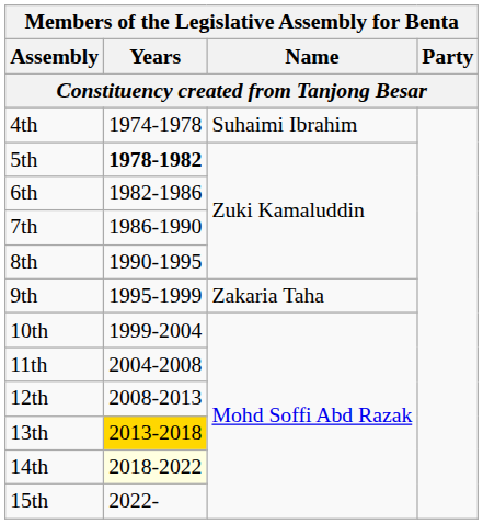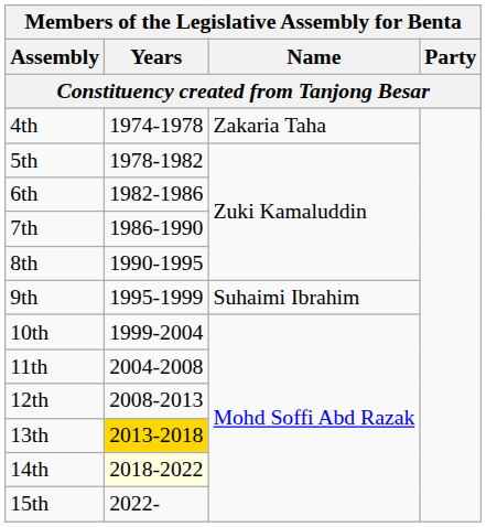 <table class="wikitable">
 <tr>
 <th colspan="4">Members of the Legislative Assembly for Benta</th>
 </tr>
 <tr>
 <th>Assembly</th>
 <th>Years</th>
 <th>Name</th>
 <th>Party</th>
 </tr>
 <tr>
 <th colspan="4"><em>Constituency created from Tanjong Besar</em></th>
 </tr>
 <tr>
 <td>4th</td>
 <td>1974-1978</td>
-<td>Suhaimi Ibrahim</td>
+<td>Zakaria Taha</td>
 <td rowspan="12"></td>
 </tr>
 <tr>
 <td>5th</td>
-<td><strong>1978-1982</strong></td>
+<td>1978-1982</td>
 <td rowspan="4">Zuki Kamaluddin</td>
 </tr>
 <tr>
 <td>6th</td>
 <td>1982-1986</td>
 </tr>
 <tr>
 <td>7th</td>
 <td>1986-1990</td>
 </tr>
 <tr>
 <td>8th</td>
 <td>1990-1995</td>
 </tr>
 <tr>
 <td>9th</td>
 <td>1995-1999</td>
-<td>Zakaria Taha</td>
+<td>Suhaimi Ibrahim</td>
 </tr>
 <tr>
 <td>10th</td>
 <td>1999-2004</td>
 <td rowspan="6"><a href='#'>Mohd Soffi Abd Razak</a></td>
 </tr>
 <tr>
 <td>11th</td>
 <td>2004-2008</td>
 </tr>
 <tr>
 <td>12th</td>
 <td>2008-2013</td>
 </tr>
 <tr>
 <td>13th</td>
 <td style="background: gold;">2013-2018</td>
 </tr>
 <tr>
 <td>14th</td>
 <td style="background: lightyellow;">2018-2022</td>
 </tr>
 <tr>
 <td>15th</td>
 <td>2022-</td>
 </tr>
 </table>
